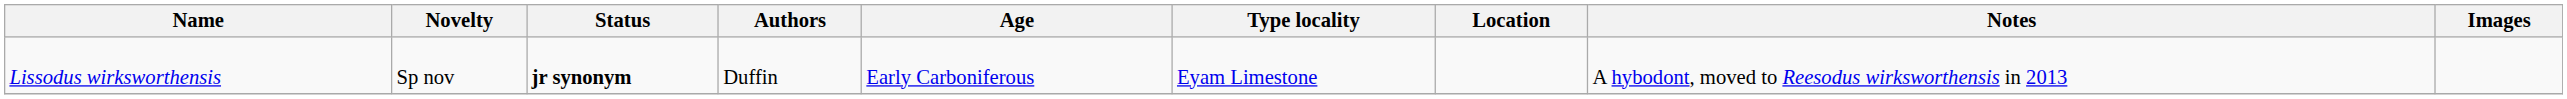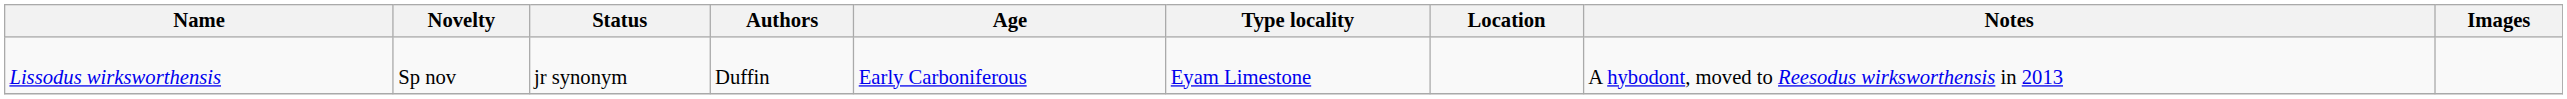 <table class="wikitable sortable" align="center" width="100%">
 <tr>
 <th>Name</th>
 <th>Novelty</th>
 <th>Status</th>
 <th>Authors</th>
 <th>Age</th>
 <th>Type locality</th>
 <th>Location</th>
 <th>Notes</th>
 <th>Images</th>
 </tr>
 <tr>
 <td><br><em><a href='#'>Lissodus wirksworthensis</a></em></td>
 <td><br>Sp nov</td>
-<td><strong><br>jr synonym</strong></td>
+<td><br>jr synonym</td>
 <td><br>Duffin</td>
 <td><br><a href='#'>Early Carboniferous</a></td>
 <td><br><a href='#'>Eyam Limestone</a></td>
 <td><br></td>
 <td><br>A <a href='#'>hybodont</a>, moved to <em><a href='#'>Reesodus wirksworthensis</a></em> in <a href='#'>2013</a></td>
 <td></td>
 </tr>
 <tr>
 </tr>
 </table>
